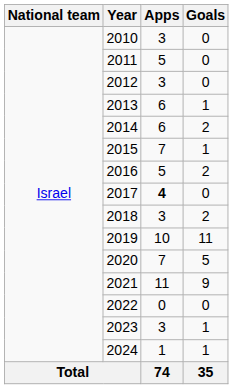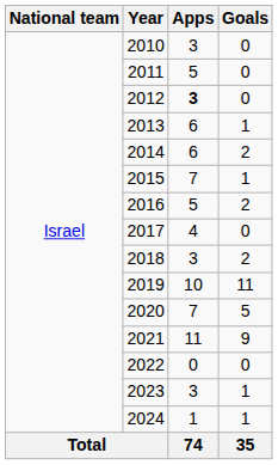 <table class="wikitable" style="text-align:center">
 <tr>
 <th>National team</th>
 <th>Year</th>
 <th>Apps</th>
 <th>Goals</th>
 </tr>
 <tr>
 <td rowspan="15"><a href='#'>Israel</a></td>
 <td>2010</td>
 <td>3</td>
 <td>0</td>
 </tr>
 <tr>
 <td>2011</td>
 <td>5</td>
 <td>0</td>
 </tr>
 <tr>
 <td>2012</td>
-<td>3</td>
+<td><strong>3</strong></td>
 <td>0</td>
 </tr>
 <tr>
 <td>2013</td>
 <td>6</td>
 <td>1</td>
 </tr>
 <tr>
 <td>2014</td>
 <td>6</td>
 <td>2</td>
 </tr>
 <tr>
 <td>2015</td>
 <td>7</td>
 <td>1</td>
 </tr>
 <tr>
 <td>2016</td>
 <td>5</td>
 <td>2</td>
 </tr>
 <tr>
 <td>2017</td>
-<td><strong>4</strong></td>
+<td>4</td>
 <td>0</td>
 </tr>
 <tr>
 <td>2018</td>
 <td>3</td>
 <td>2</td>
 </tr>
 <tr>
 <td>2019</td>
 <td>10</td>
 <td>11</td>
 </tr>
 <tr>
 <td>2020</td>
 <td>7</td>
 <td>5</td>
 </tr>
 <tr>
 <td>2021</td>
 <td>11</td>
 <td>9</td>
 </tr>
 <tr>
 <td>2022</td>
 <td>0</td>
 <td>0</td>
 </tr>
 <tr>
 <td>2023</td>
 <td>3</td>
 <td>1</td>
 </tr>
 <tr>
 <td>2024</td>
 <td>1</td>
 <td>1</td>
 </tr>
 <tr>
 <th colspan="2">Total</th>
 <th>74</th>
 <th>35</th>
 </tr>
 </table>
